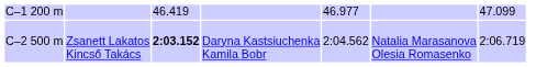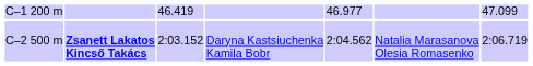 <table>
 <tr bgcolor=ccccff>
 <td>C–1 200 m</td>
 <td></td>
 <td>46.419</td>
 <td></td>
 <td>46.977</td>
 <td></td>
 <td>47.099</td>
 </tr>
 <tr bgcolor=ccccff>
 <td>C–2 500 m</td>
-<td><br><a href='#'>Zsanett Lakatos</a><br><a href='#'>Kincső Takács</a></td>
-<td><strong>2:03.152</strong></td>
+<td><strong><br><a href='#'>Zsanett Lakatos</a><br><a href='#'>Kincső Takács</a></strong></td>
+<td>2:03.152</td>
 <td><br><a href='#'>Daryna Kastsiuchenka</a><br><a href='#'>Kamila Bobr</a></td>
 <td>2:04.562</td>
 <td><br><a href='#'>Natalia Marasanova</a><br><a href='#'>Olesia Romasenko</a></td>
 <td>2:06.719</td>
 </tr>
 </table>
